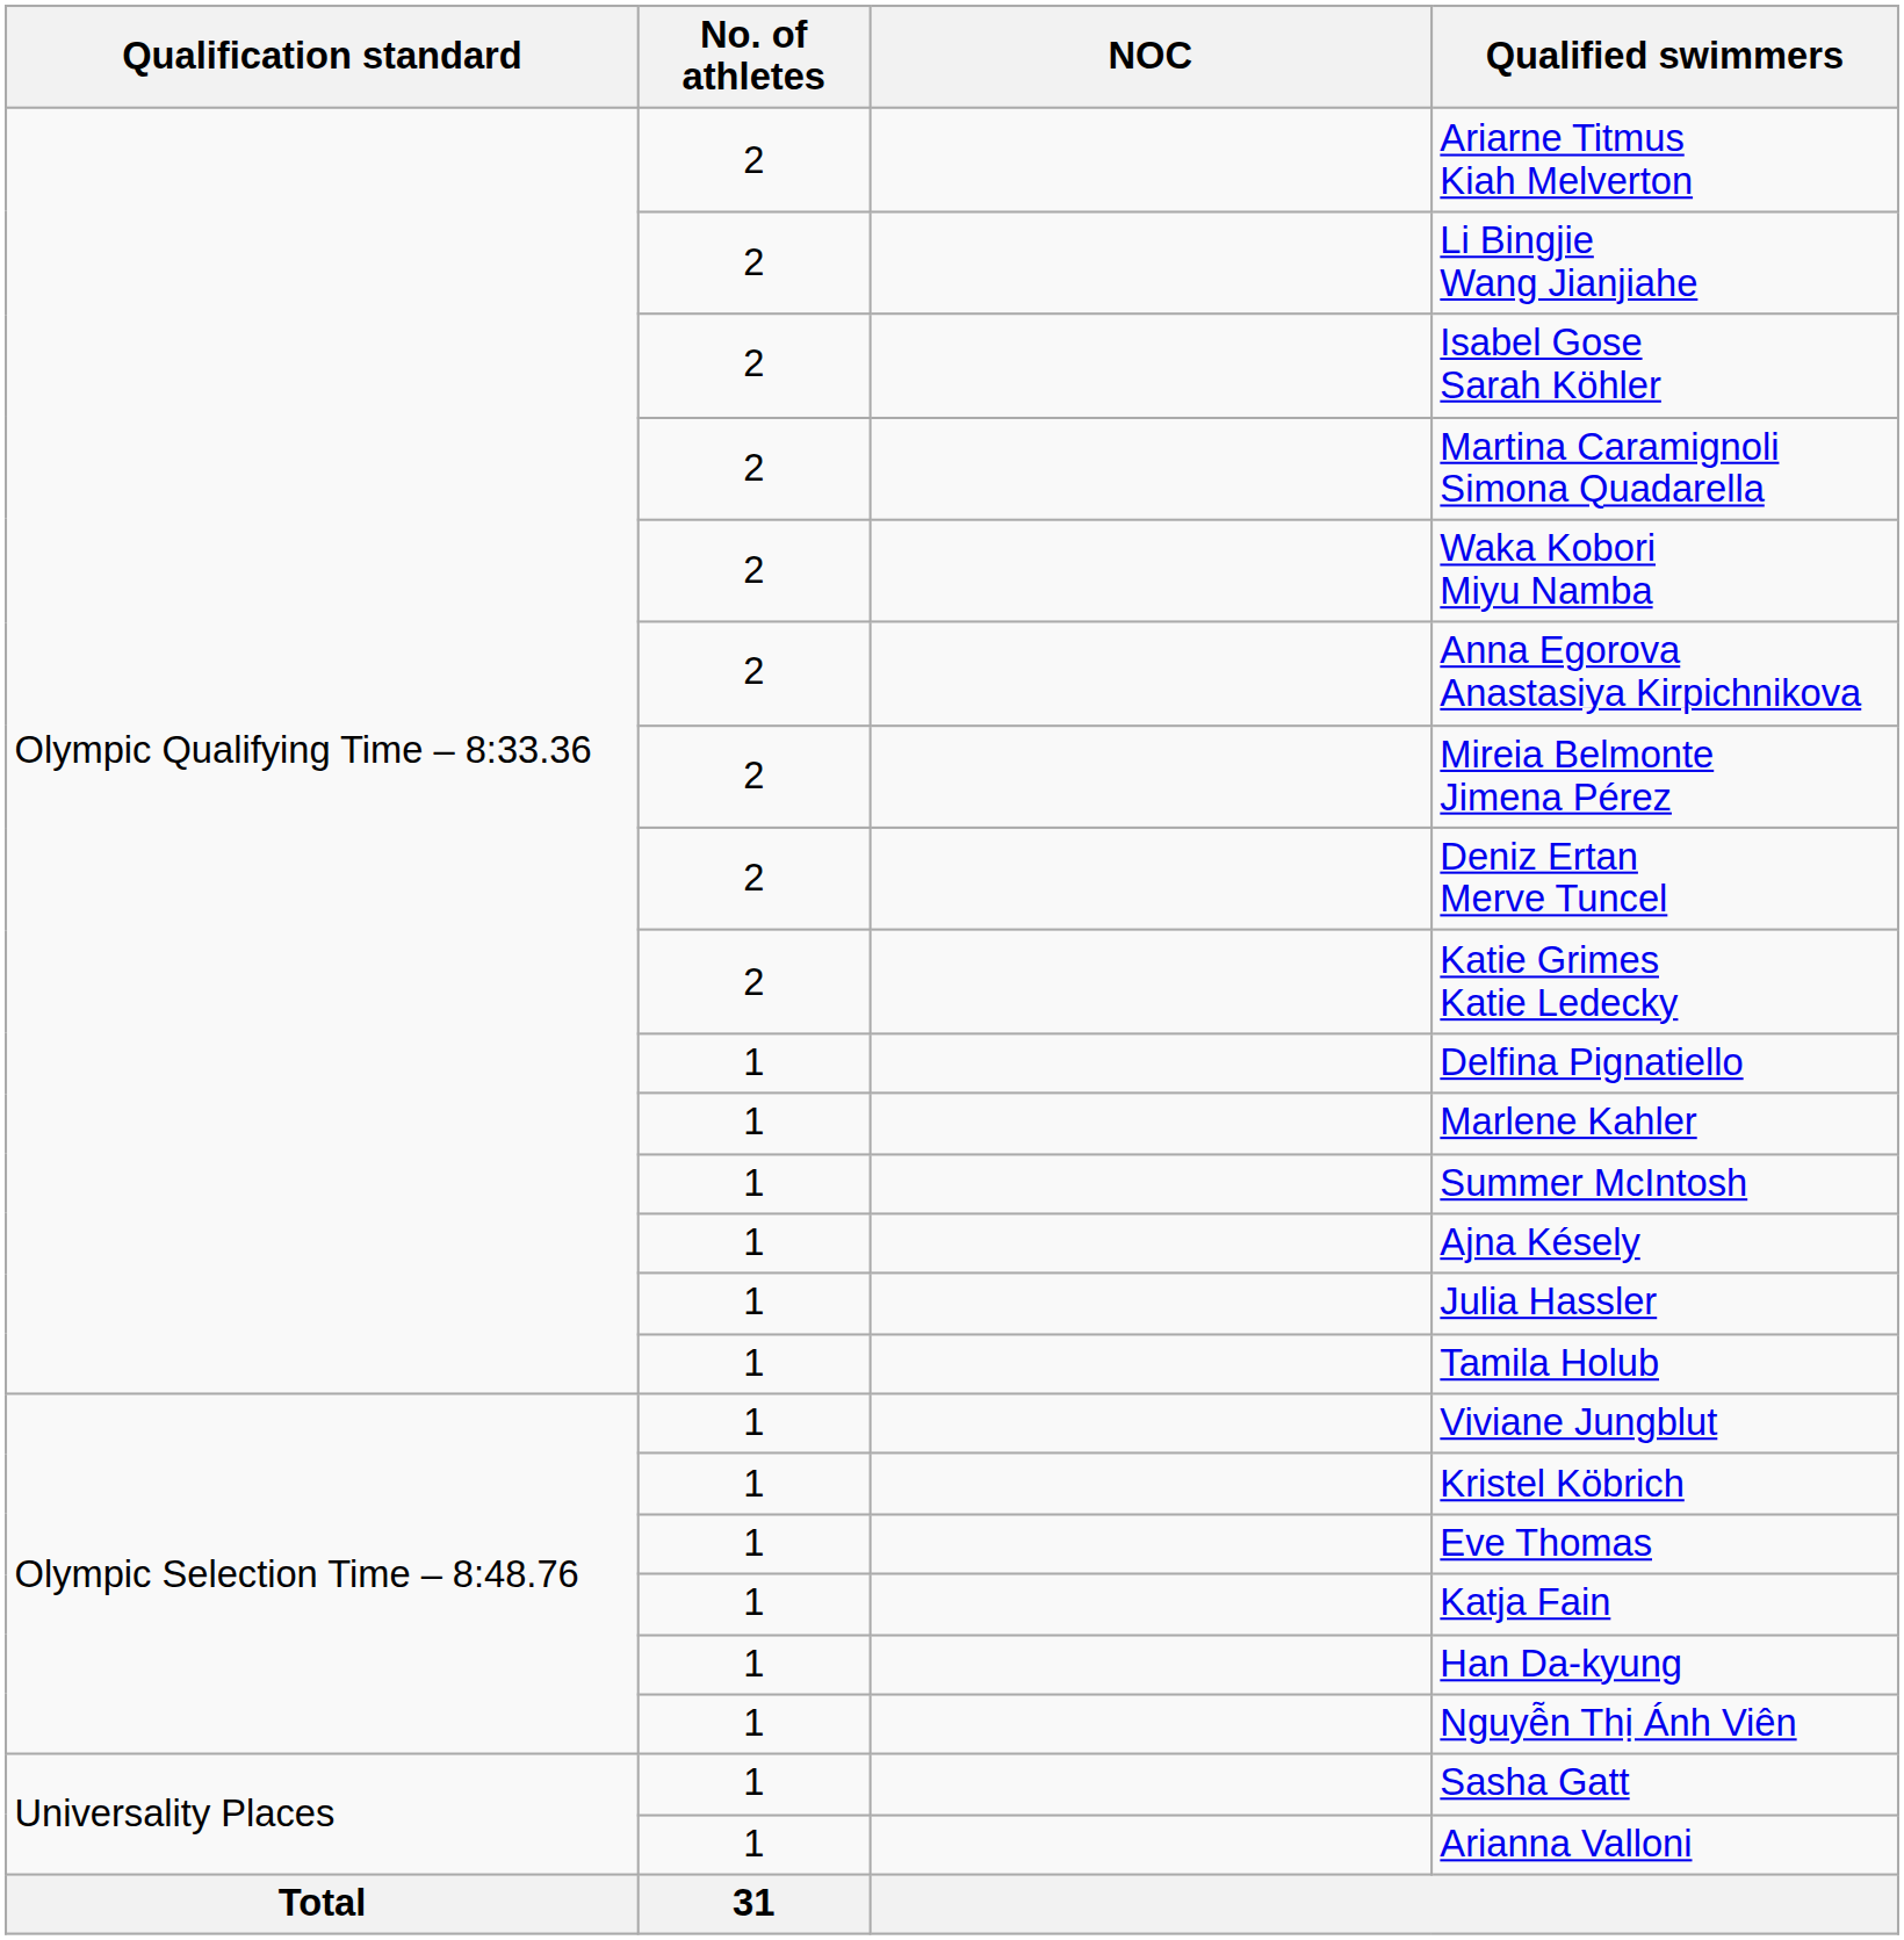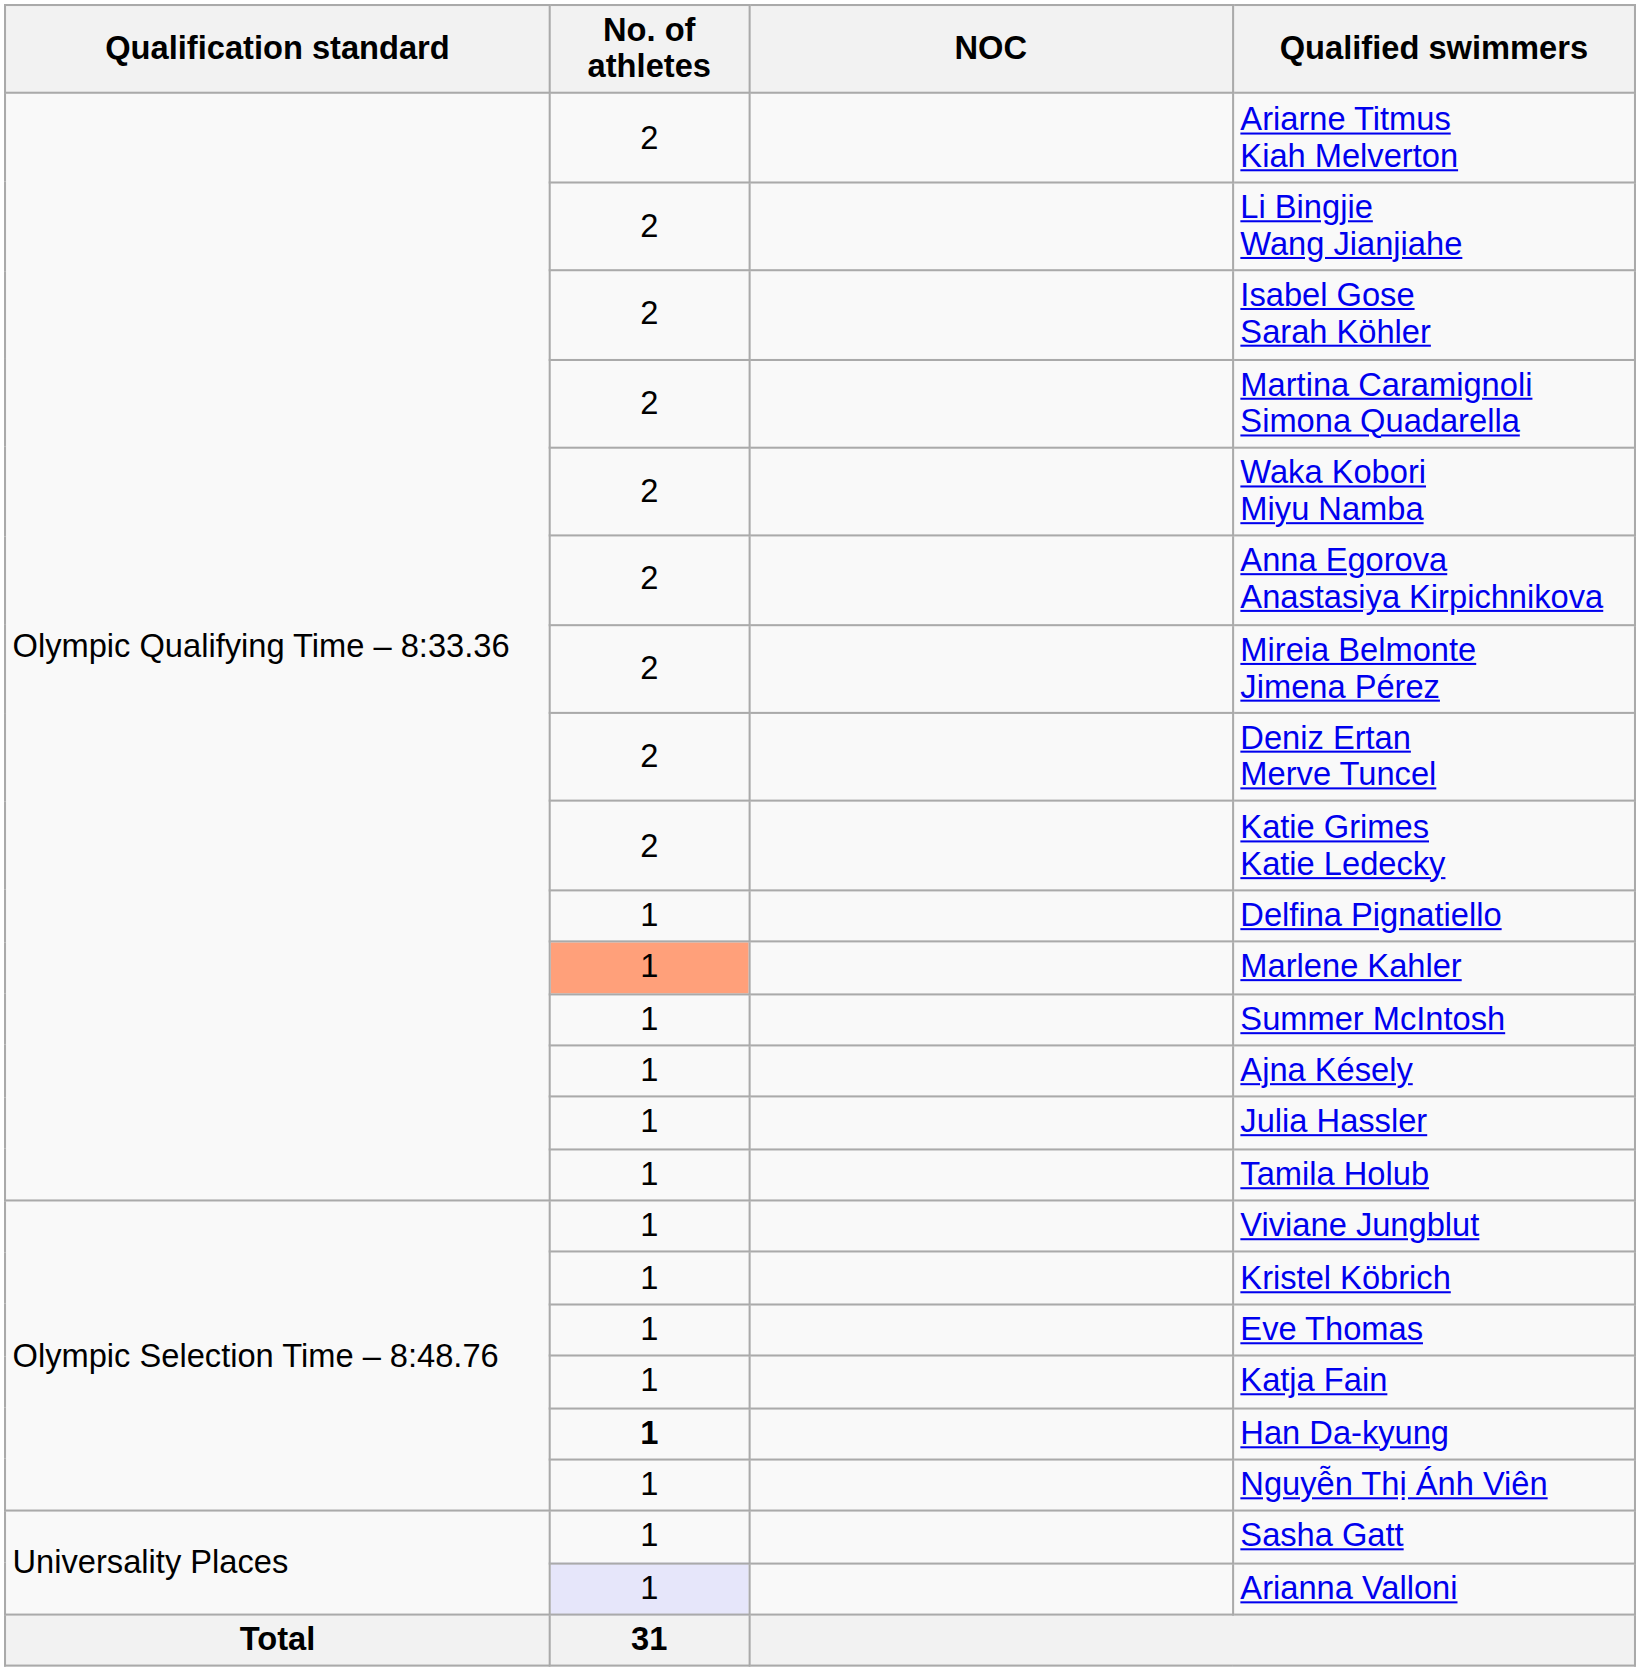 <table class=wikitable style="text-align:left" width=800>
 <tr>
 <th>Qualification standard</th>
 <th width=90>No. of athletes</th>
 <th width=230>NOC</th>
 <th>Qualified swimmers</th>
 </tr>
 <tr>
 <td rowspan=15>Olympic Qualifying Time – 8:33.36</td>
 <td align=center>2</td>
 <td></td>
 <td><a href='#'>Ariarne Titmus</a><br><a href='#'>Kiah Melverton</a></td>
 </tr>
 <tr>
 <td align=center>2</td>
 <td></td>
 <td><a href='#'>Li Bingjie</a><br><a href='#'>Wang Jianjiahe</a></td>
 </tr>
 <tr>
 <td align=center>2</td>
 <td></td>
 <td><a href='#'>Isabel Gose</a><br><a href='#'>Sarah Köhler</a></td>
 </tr>
 <tr>
 <td align=center>2</td>
 <td></td>
 <td><a href='#'>Martina Caramignoli</a><br><a href='#'>Simona Quadarella</a></td>
 </tr>
 <tr>
 <td align=center>2</td>
 <td></td>
 <td><a href='#'>Waka Kobori</a><br><a href='#'>Miyu Namba</a></td>
 </tr>
 <tr>
 <td align=center>2</td>
 <td></td>
 <td><a href='#'>Anna Egorova</a><br><a href='#'>Anastasiya Kirpichnikova</a></td>
 </tr>
 <tr>
 <td align=center>2</td>
 <td></td>
 <td><a href='#'>Mireia Belmonte</a><br><a href='#'>Jimena Pérez</a></td>
 </tr>
 <tr>
 <td align=center>2</td>
 <td></td>
 <td><a href='#'>Deniz Ertan</a><br><a href='#'>Merve Tuncel</a></td>
 </tr>
 <tr>
 <td align=center>2</td>
 <td></td>
 <td><a href='#'>Katie Grimes</a><br><a href='#'>Katie Ledecky</a></td>
 </tr>
 <tr>
 <td align=center>1</td>
 <td></td>
 <td><a href='#'>Delfina Pignatiello</a></td>
 </tr>
 <tr>
-<td align=center>1</td>
+<td align=center style="background: lightsalmon;">1</td>
 <td></td>
 <td><a href='#'>Marlene Kahler</a></td>
 </tr>
 <tr>
 <td align=center>1</td>
 <td></td>
 <td><a href='#'>Summer McIntosh</a></td>
 </tr>
 <tr>
 <td align=center>1</td>
 <td></td>
 <td><a href='#'>Ajna Késely</a></td>
 </tr>
 <tr>
 <td align=center>1</td>
 <td></td>
 <td><a href='#'>Julia Hassler</a></td>
 </tr>
 <tr>
 <td align=center>1</td>
 <td></td>
 <td><a href='#'>Tamila Holub</a></td>
 </tr>
 <tr>
 <td rowspan=6>Olympic Selection Time – 8:48.76</td>
 <td align=center>1</td>
 <td></td>
 <td><a href='#'>Viviane Jungblut</a></td>
 </tr>
 <tr>
 <td align=center>1</td>
 <td></td>
 <td><a href='#'>Kristel Köbrich</a></td>
 </tr>
 <tr>
 <td align=center>1</td>
 <td></td>
 <td><a href='#'>Eve Thomas</a></td>
 </tr>
 <tr>
 <td align=center>1</td>
 <td></td>
 <td><a href='#'>Katja Fain</a></td>
 </tr>
 <tr>
-<td align=center>1</td>
+<td align=center><strong>1</strong></td>
 <td></td>
 <td><a href='#'>Han Da-kyung</a></td>
 </tr>
 <tr>
 <td align=center>1</td>
 <td></td>
 <td><a href='#'>Nguyễn Thị Ánh Viên</a></td>
 </tr>
 <tr>
 <td rowspan=2>Universality Places</td>
 <td align=center>1</td>
 <td></td>
 <td><a href='#'>Sasha Gatt</a></td>
 </tr>
 <tr>
-<td align=center>1</td>
+<td align=center style="background: lavender;">1</td>
 <td></td>
 <td><a href='#'>Arianna Valloni</a></td>
 </tr>
 <tr>
 <th><strong>Total</strong></th>
 <th>31</th>
 <th colspan=2></th>
 </tr>
 </table>
